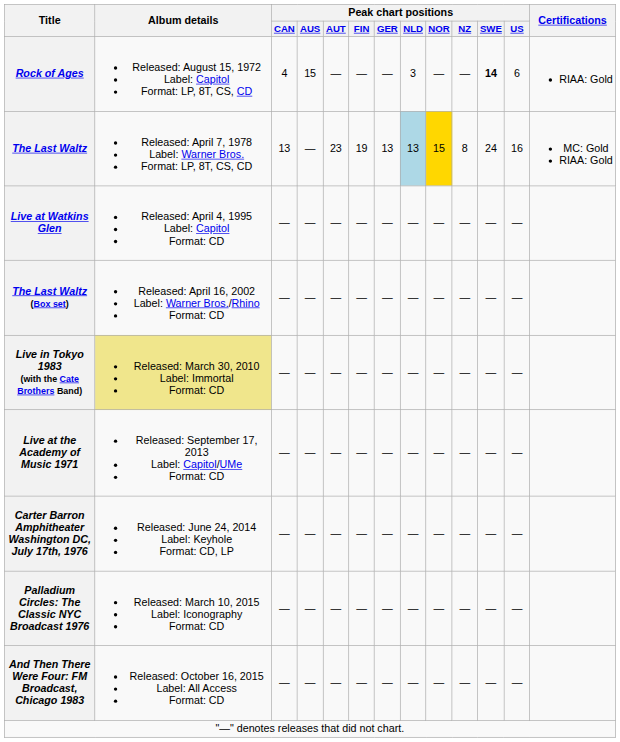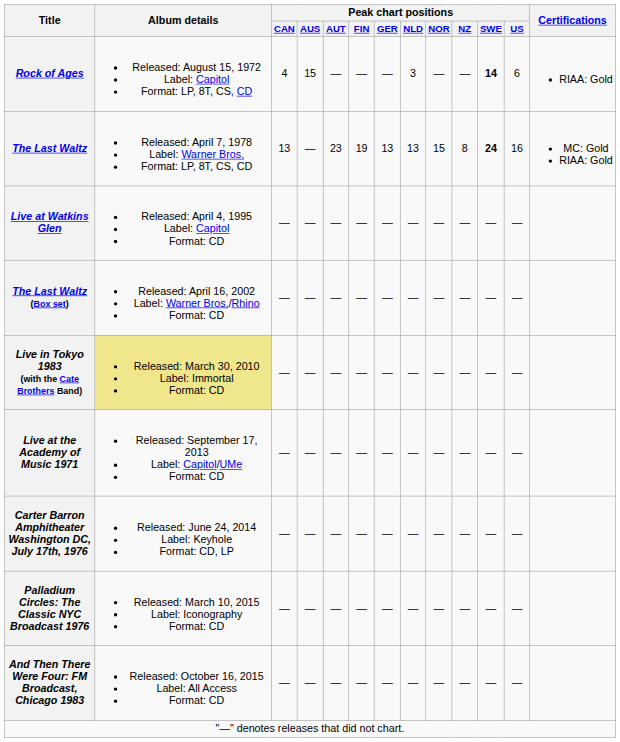 <table class="wikitable plainrowheaders" style="text-align:center;">
 <tr>
 <th scope="col" rowspan="2" style="width:8em;">Title</th>
 <th scope="col" rowspan="2" style="width:16em;">Album details</th>
 <th scope="col" colspan="10">Peak chart positions</th>
 <th scope="col" rowspan="2"><a href='#'>Certifications</a></th>
 </tr>
 <tr>
 <th scope="col" style="width:2.2em;font-size:90%;"><a href='#'>CAN</a><br></th>
 <th scope="col" style="width:2.2em;font-size:90%;"><a href='#'>AUS</a><br></th>
 <th scope="col" style="width:2.2em;font-size:90%;"><a href='#'>AUT</a><br></th>
 <th scope="col" style="width:2.2em;font-size:90%;"><a href='#'>FIN</a><br></th>
 <th scope="col" style="width:2.2em;font-size:90%;"><a href='#'>GER</a><br></th>
 <th scope="col" style="width:2.2em;font-size:90%;"><a href='#'>NLD</a><br></th>
 <th scope="col" style="width:2.2em;font-size:90%;"><a href='#'>NOR</a><br></th>
 <th scope="col" style="width:2.2em;font-size:90%;"><a href='#'>NZ</a><br></th>
 <th scope="col" style="width:2.2em;font-size:90%;"><a href='#'>SWE</a><br></th>
 <th scope="col" style="width:2.2em;font-size:90%;"><a href='#'>US</a><br></th>
 </tr>
 <tr>
 <th scope="row"><em><a href='#'>Rock of Ages</a></em></th>
 <td><br><ul><li>Released: August 15, 1972</li><li>Label: <a href='#'>Capitol</a></li><li>Format: LP, 8T, CS, <a href='#'>CD</a></li></ul></td>
 <td>4</td>
 <td>15</td>
 <td>—</td>
 <td>—</td>
 <td>—</td>
 <td>3</td>
 <td>—</td>
 <td>—</td>
 <td><strong>14</strong></td>
 <td>6</td>
 <td><br><ul><li>RIAA: Gold</li></ul></td>
 </tr>
 <tr>
 <th scope="row"><em><a href='#'>The Last Waltz</a></em></th>
 <td><br><ul><li>Released: April 7, 1978</li><li>Label: <a href='#'>Warner Bros.</a></li><li>Format: LP, 8T, CS, CD</li></ul></td>
 <td>13</td>
 <td>—</td>
 <td>23</td>
 <td>19</td>
 <td>13</td>
-<td style="background: lightblue;">13</td>
-<td style="background: gold;">15</td>
+<td>13</td>
+<td>15</td>
 <td>8</td>
-<td>24</td>
+<td><strong>24</strong></td>
 <td>16</td>
 <td><br><ul><li>MC: Gold</li><li>RIAA: Gold</li></ul></td>
 </tr>
 <tr>
 <th scope="row"><em><a href='#'>Live at Watkins Glen</a></em></th>
 <td><br><ul><li>Released: April 4, 1995</li><li>Label: <a href='#'>Capitol</a></li><li>Format: CD</li></ul></td>
 <td>—</td>
 <td>—</td>
 <td>—</td>
 <td>—</td>
 <td>—</td>
 <td>—</td>
 <td>—</td>
 <td>—</td>
 <td>—</td>
 <td>—</td>
 <td></td>
 </tr>
 <tr>
 <th scope="row"><em><a href='#'>The Last Waltz</a></em><br><small>(<a href='#'>Box set</a>)</small></th>
 <td><br><ul><li>Released: April 16, 2002</li><li>Label: <a href='#'>Warner Bros.</a>/<a href='#'>Rhino</a></li><li>Format: CD</li></ul></td>
 <td>—</td>
 <td>—</td>
 <td>—</td>
 <td>—</td>
 <td>—</td>
 <td>—</td>
 <td>—</td>
 <td>—</td>
 <td>—</td>
 <td>—</td>
 <td></td>
 </tr>
 <tr>
 <th scope="row"><em>Live in Tokyo 1983</em><br><small>(with the <a href='#'>Cate Brothers</a> Band)</small></th>
 <td style="background: khaki;"><br><ul><li>Released: March 30, 2010</li><li>Label: Immortal</li><li>Format: CD</li></ul></td>
 <td>—</td>
 <td>—</td>
 <td>—</td>
 <td>—</td>
 <td>—</td>
 <td>—</td>
 <td>—</td>
 <td>—</td>
 <td>—</td>
 <td>—</td>
 <td></td>
 </tr>
 <tr>
 <th scope="row"><em>Live at the Academy of Music 1971</em></th>
 <td><br><ul><li>Released: September 17, 2013</li><li>Label: <a href='#'>Capitol</a>/<a href='#'>UMe</a></li><li>Format: CD</li></ul></td>
 <td>—</td>
 <td>—</td>
 <td>—</td>
 <td>—</td>
 <td>—</td>
 <td>—</td>
 <td>—</td>
 <td>—</td>
 <td>—</td>
 <td>—</td>
 <td></td>
 </tr>
 <tr>
 <th scope="row"><em>Carter Barron Amphitheater Washington DC, July 17th, 1976</em></th>
 <td><br><ul><li>Released: June 24, 2014</li><li>Label: Keyhole</li><li>Format: CD, LP</li></ul></td>
 <td>—</td>
 <td>—</td>
 <td>—</td>
 <td>—</td>
 <td>—</td>
 <td>—</td>
 <td>—</td>
 <td>—</td>
 <td>—</td>
 <td>—</td>
 <td></td>
 </tr>
 <tr>
 <th scope="row"><em>Palladium Circles: The Classic NYC Broadcast 1976</em></th>
 <td><br><ul><li>Released: March 10, 2015</li><li>Label: Iconography</li><li>Format: CD</li></ul></td>
 <td>—</td>
 <td>—</td>
 <td>—</td>
 <td>—</td>
 <td>—</td>
 <td>—</td>
 <td>—</td>
 <td>—</td>
 <td>—</td>
 <td>—</td>
 <td></td>
 </tr>
 <tr>
 <th scope="row"><em>And Then There Were Four: FM Broadcast, Chicago 1983</em></th>
 <td><br><ul><li>Released: October 16, 2015</li><li>Label: All Access</li><li>Format: CD</li></ul></td>
 <td>—</td>
 <td>—</td>
 <td>—</td>
 <td>—</td>
 <td>—</td>
 <td>—</td>
 <td>—</td>
 <td>—</td>
 <td>—</td>
 <td>—</td>
 <td></td>
 </tr>
 <tr>
 <td colspan="19" fontsize="90%">"—" denotes releases that did not chart.</td>
 </tr>
 </table>
